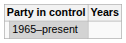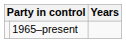 <table class="wikitable">
 <tr>
 <th colspan=2>Party in control</th>
 <th>Years</th>
 </tr>
 <tr>
 <td></td>
-<td style="background: lightgrey;">1965–present</td>
+<td>1965–present</td>
 </tr>
 </table>
